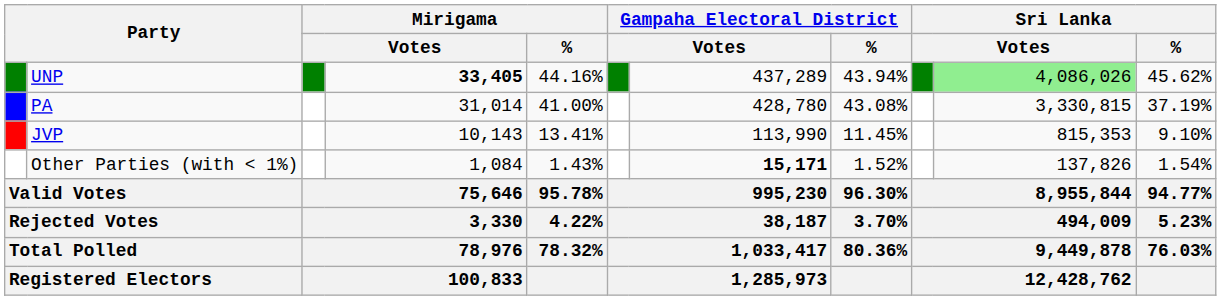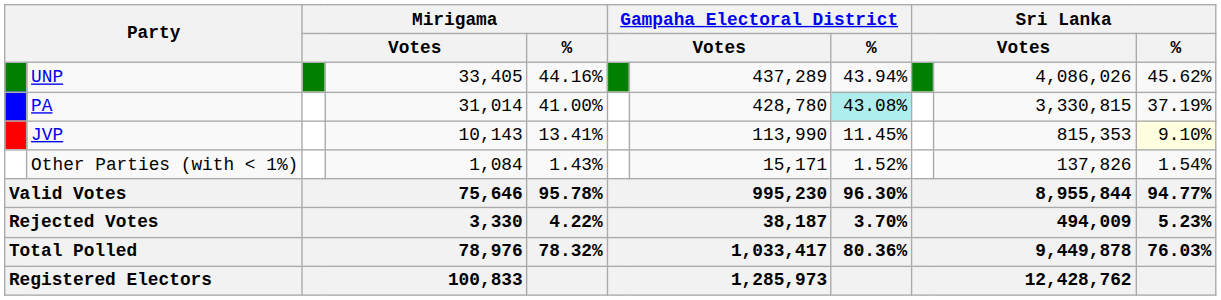 <table class="wikitable">
 <tr>
 <th colspan="2" width="144px"rowspan="2">Party</th>
 <th colspan="3" width="216px">Mirigama</th>
 <th colspan="3" width="216px"><a href='#'>Gampaha Electoral District</a></th>
 <th colspan="3" width="216px">Sri Lanka</th>
 </tr>
 <tr>
 <th colspan="2" width="144px">Votes</th>
 <th>%</th>
 <th colspan="2" width="144px">Votes</th>
 <th>%</th>
 <th colspan="2" width="144px">Votes</th>
 <th>%</th>
 </tr>
 <tr>
 <td style="background-color:green;" width="10px"></td>
 <td style="text-align:left;"><a href='#'>UNP</a></td>
 <td style="background-color:green;" width="10px"></td>
-<td style="text-align:right;"><strong>33,405</strong></td>
+<td style="text-align:right;">33,405</td>
 <td style="text-align:right;">44.16%</td>
 <td style="background-color:green;" width="10px"></td>
 <td style="text-align:right;">437,289</td>
 <td style="text-align:right;">43.94%</td>
 <td style="background-color:green;" width="10px"></td>
-<td style="background: lightgreen; text-align:right;">4,086,026</td>
+<td style="text-align:right;">4,086,026</td>
 <td style="text-align:right;">45.62%</td>
 </tr>
 <tr>
 <td style="background-color:blue;" width="10px"></td>
 <td style="text-align:left;"><a href='#'>PA</a></td>
 <td style="background-color:white;" width="10px"></td>
 <td style="text-align:right;">31,014</td>
 <td style="text-align:right;">41.00%</td>
 <td style="background-color:white;" width="10px"></td>
 <td style="text-align:right;">428,780</td>
-<td style="text-align:right;">43.08%</td>
+<td style="background: paleturquoise; text-align:right;">43.08%</td>
 <td style="background-color:white;" width="10px"></td>
 <td style="text-align:right;">3,330,815</td>
 <td style="text-align:right;">37.19%</td>
 </tr>
 <tr>
 <td style="background-color:red;" width="10px"></td>
 <td style="text-align:left;"><a href='#'>JVP</a></td>
 <td style="background-color:white;" width="10px"></td>
 <td style="text-align:right;">10,143</td>
 <td style="text-align:right;">13.41%</td>
 <td style="background-color:white;" width="10px"></td>
 <td style="text-align:right;">113,990</td>
 <td style="text-align:right;">11.45%</td>
 <td style="background-color:white;" width="10px"></td>
 <td style="text-align:right;">815,353</td>
-<td style="text-align:right;">9.10%</td>
+<td style="background: lightyellow; text-align:right;">9.10%</td>
 </tr>
 <tr>
 <td style="background-color:white;" width="10px"></td>
 <td style="text-align:left;">Other Parties (with < 1%)</td>
 <td style="background-color:white;" width="10px"></td>
 <td style="text-align:right;">1,084</td>
 <td style="text-align:right;">1.43%</td>
 <td style="background-color:white;" width="10px"></td>
-<td style="text-align:right;"><strong>15,171</strong></td>
+<td style="text-align:right;">15,171</td>
 <td style="text-align:right;">1.52%</td>
 <td style="background-color:white;" width="10px"></td>
 <td style="text-align:right;">137,826</td>
 <td style="text-align:right;">1.54%</td>
 </tr>
 <tr>
 <th colspan="2" width="144px"style="text-align:left;">Valid Votes</th>
 <th style="text-align:right;"colspan="2" width="144px">75,646</th>
 <th style="text-align:right;">95.78%</th>
 <th style="text-align:right;"colspan="2" width="144px">995,230</th>
 <th style="text-align:right;">96.30%</th>
 <th style="text-align:right;"colspan="2" width="144px">8,955,844</th>
 <th style="text-align:right;">94.77%</th>
 </tr>
 <tr>
 <th colspan="2" width="144px"style="text-align:left;">Rejected Votes</th>
 <th style="text-align:right;"colspan="2" width="144px">3,330</th>
 <th style="text-align:right;">4.22%</th>
 <th style="text-align:right;"colspan="2" width="144px">38,187</th>
 <th style="text-align:right;">3.70%</th>
 <th style="text-align:right;"colspan="2" width="144px">494,009</th>
 <th style="text-align:right;">5.23%</th>
 </tr>
 <tr>
 <th colspan="2" width="144px"style="text-align:left;">Total Polled</th>
 <th style="text-align:right;"colspan="2" width="144px">78,976</th>
 <th style="text-align:right;">78.32%</th>
 <th style="text-align:right;"colspan="2" width="144px">1,033,417</th>
 <th style="text-align:right;">80.36%</th>
 <th style="text-align:right;"colspan="2" width="144px">9,449,878</th>
 <th style="text-align:right;">76.03%</th>
 </tr>
 <tr>
 <th colspan="2" width="144px"style="text-align:left;">Registered Electors</th>
 <th style="text-align:right;"colspan="2" width="144px">100,833</th>
 <th></th>
 <th style="text-align:right;"colspan="2" width="144px">1,285,973</th>
 <th></th>
 <th style="text-align:right;"colspan="2" width="144px">12,428,762</th>
 <th></th>
 </tr>
 </table>
